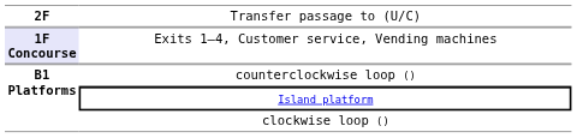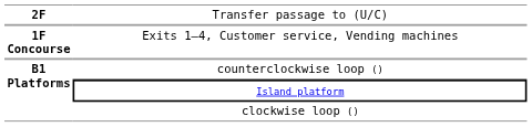 <table table border=0 cellspacing=0 cellpadding=3>
 <tr>
 <td style="border-bottom:solid 1px gray; border-top:solid 1px gray;text-align:center" valign=top width=50><strong>2F</strong></td>
 <td style="border-bottom:solid 1px gray; border-top:solid 1px gray;text-align:center;" valign=top width=500>Transfer passage to  (U/C)</td>
 </tr>
 <tr>
-<td style="background: lavender; border-bottom:solid 1px gray; border-top:solid 1px gray;text-align:center" valign=top><strong>1F<br>Concourse</strong></td>
+<td style="border-bottom:solid 1px gray; border-top:solid 1px gray;text-align:center" valign=top><strong>1F<br>Concourse</strong></td>
 <td style="border-bottom:solid 1px gray; border-top:solid 1px gray;text-align:center;" valign=top width=500>Exits 1–4, Customer service, Vending machines</td>
 </tr>
 <tr>
 <td style="border-bottom:solid 1px gray; border-top:solid 1px gray;text-align:center" rowspan="3" valign=top><strong>B1<br>Platforms</strong></td>
 <td style="border-bottom:solid 1px gray; border-top:solid 1px gray;text-align:center;">  counterclockwise loop <small>()</small></td>
 </tr>
 <tr>
 <td style="border-right:solid 2px black;border-left:solid 2px black;border-top:solid 2px black;border-bottom:solid 2px black;text-align:center;" colspan=2><small><a href='#'>Island platform</a></small></td>
 </tr>
 <tr>
 <td style="border-bottom:solid 1px gray;text-align:center;"> clockwise loop <small>()</small> </td>
 </tr>
 </table>
